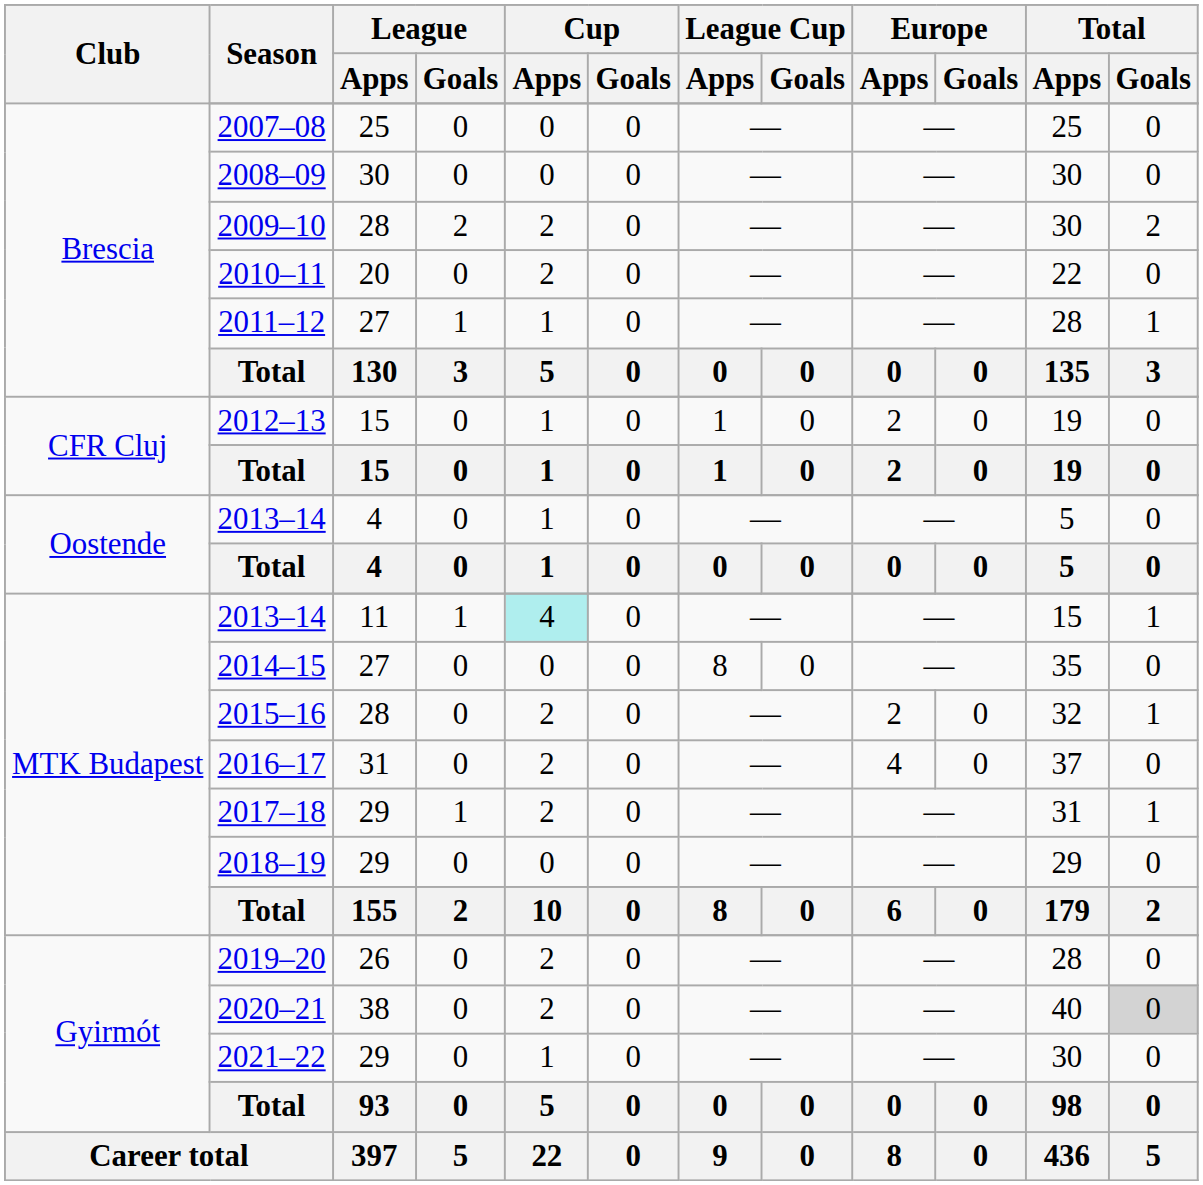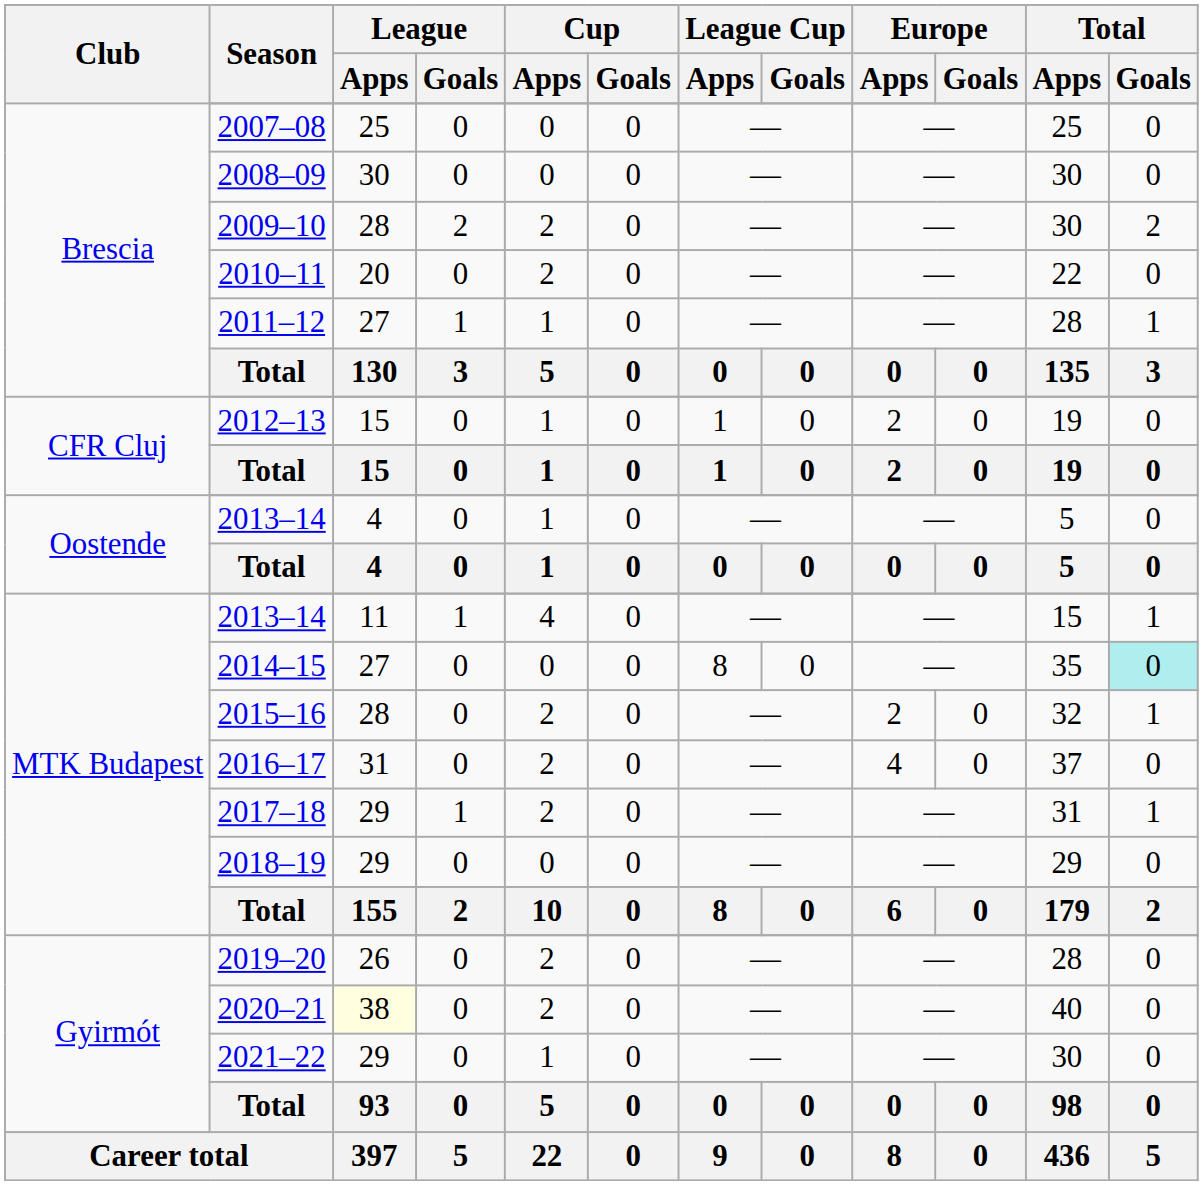 <table class="wikitable" style="text-align: center;">
 <tr>
 <th rowspan="2">Club</th>
 <th rowspan="2">Season</th>
 <th colspan="2">League</th>
 <th colspan="2">Cup</th>
 <th colspan="2">League Cup</th>
 <th colspan="2">Europe</th>
 <th colspan="2">Total</th>
 </tr>
 <tr>
 <th>Apps</th>
 <th>Goals</th>
 <th>Apps</th>
 <th>Goals</th>
 <th>Apps</th>
 <th>Goals</th>
 <th>Apps</th>
 <th>Goals</th>
 <th>Apps</th>
 <th>Goals</th>
 </tr>
 <tr>
 <td rowspan="7"><a href='#'>Brescia</a></td>
 </tr>
 <tr>
 <td><a href='#'>2007–08</a></td>
 <td>25</td>
 <td>0</td>
 <td>0</td>
 <td>0</td>
 <td colspan="2">—</td>
 <td colspan="2">—</td>
 <td>25</td>
 <td>0</td>
 </tr>
 <tr>
 <td><a href='#'>2008–09</a></td>
 <td>30</td>
 <td>0</td>
 <td>0</td>
 <td>0</td>
 <td colspan="2">—</td>
 <td colspan="2">—</td>
 <td>30</td>
 <td>0</td>
 </tr>
 <tr>
 <td><a href='#'>2009–10</a></td>
 <td>28</td>
 <td>2</td>
 <td>2</td>
 <td>0</td>
 <td colspan="2">—</td>
 <td colspan="2">—</td>
 <td>30</td>
 <td>2</td>
 </tr>
 <tr>
 <td><a href='#'>2010–11</a></td>
 <td>20</td>
 <td>0</td>
 <td>2</td>
 <td>0</td>
 <td colspan="2">—</td>
 <td colspan="2">—</td>
 <td>22</td>
 <td>0</td>
 </tr>
 <tr>
 <td><a href='#'>2011–12</a></td>
 <td>27</td>
 <td>1</td>
 <td>1</td>
 <td>0</td>
 <td colspan="2">—</td>
 <td colspan="2">—</td>
 <td>28</td>
 <td>1</td>
 </tr>
 <tr>
 <th>Total</th>
 <th>130</th>
 <th>3</th>
 <th>5</th>
 <th>0</th>
 <th>0</th>
 <th>0</th>
 <th>0</th>
 <th>0</th>
 <th>135</th>
 <th>3</th>
 </tr>
 <tr>
 <td rowspan="3"><a href='#'>CFR Cluj</a></td>
 </tr>
 <tr>
 <td><a href='#'>2012–13</a></td>
 <td>15</td>
 <td>0</td>
 <td>1</td>
 <td>0</td>
 <td>1</td>
 <td>0</td>
 <td>2</td>
 <td>0</td>
 <td>19</td>
 <td>0</td>
 </tr>
 <tr>
 <th>Total</th>
 <th>15</th>
 <th>0</th>
 <th>1</th>
 <th>0</th>
 <th>1</th>
 <th>0</th>
 <th>2</th>
 <th>0</th>
 <th>19</th>
 <th>0</th>
 </tr>
 <tr>
 <td rowspan="3"><a href='#'>Oostende</a></td>
 </tr>
 <tr>
 <td><a href='#'>2013–14</a></td>
 <td>4</td>
 <td>0</td>
 <td>1</td>
 <td>0</td>
 <td colspan="2">—</td>
 <td colspan="2">—</td>
 <td>5</td>
 <td>0</td>
 </tr>
 <tr>
 <th>Total</th>
 <th>4</th>
 <th>0</th>
 <th>1</th>
 <th>0</th>
 <th>0</th>
 <th>0</th>
 <th>0</th>
 <th>0</th>
 <th>5</th>
 <th>0</th>
 </tr>
 <tr>
 <td rowspan="8"><a href='#'>MTK Budapest</a></td>
 </tr>
 <tr>
 <td><a href='#'>2013–14</a></td>
 <td>11</td>
 <td>1</td>
-<td style="background: paleturquoise;">4</td>
+<td>4</td>
 <td>0</td>
 <td colspan="2">—</td>
 <td colspan="2">—</td>
 <td>15</td>
 <td>1</td>
 </tr>
 <tr>
 <td><a href='#'>2014–15</a></td>
 <td>27</td>
 <td>0</td>
 <td>0</td>
 <td>0</td>
 <td>8</td>
 <td>0</td>
 <td colspan="2">—</td>
 <td>35</td>
-<td>0</td>
+<td style="background: paleturquoise;">0</td>
 </tr>
 <tr>
 <td><a href='#'>2015–16</a></td>
 <td>28</td>
 <td>0</td>
 <td>2</td>
 <td>0</td>
 <td colspan="2">—</td>
 <td>2</td>
 <td>0</td>
 <td>32</td>
 <td>1</td>
 </tr>
 <tr>
 <td><a href='#'>2016–17</a></td>
 <td>31</td>
 <td>0</td>
 <td>2</td>
 <td>0</td>
 <td colspan="2">—</td>
 <td>4</td>
 <td>0</td>
 <td>37</td>
 <td>0</td>
 </tr>
 <tr>
 <td><a href='#'>2017–18</a></td>
 <td>29</td>
 <td>1</td>
 <td>2</td>
 <td>0</td>
 <td colspan="2">—</td>
 <td colspan="2">—</td>
 <td>31</td>
 <td>1</td>
 </tr>
 <tr>
 <td><a href='#'>2018–19</a></td>
 <td>29</td>
 <td>0</td>
 <td>0</td>
 <td>0</td>
 <td colspan="2">—</td>
 <td colspan="2">—</td>
 <td>29</td>
 <td>0</td>
 </tr>
 <tr>
 <th>Total</th>
 <th>155</th>
 <th>2</th>
 <th>10</th>
 <th>0</th>
 <th>8</th>
 <th>0</th>
 <th>6</th>
 <th>0</th>
 <th>179</th>
 <th>2</th>
 </tr>
 <tr>
 <td rowspan="5"><a href='#'>Gyirmót</a></td>
 </tr>
 <tr>
 <td><a href='#'>2019–20</a></td>
 <td>26</td>
 <td>0</td>
 <td>2</td>
 <td>0</td>
 <td colspan="2">—</td>
 <td colspan="2">—</td>
 <td>28</td>
 <td>0</td>
 </tr>
 <tr>
 <td><a href='#'>2020–21</a></td>
-<td>38</td>
+<td style="background: lightyellow;">38</td>
 <td>0</td>
 <td>2</td>
 <td>0</td>
 <td colspan="2">—</td>
 <td colspan="2">—</td>
 <td>40</td>
-<td style="background: lightgrey;">0</td>
+<td>0</td>
 </tr>
 <tr>
 <td><a href='#'>2021–22</a></td>
 <td>29</td>
 <td>0</td>
 <td>1</td>
 <td>0</td>
 <td colspan="2">—</td>
 <td colspan="2">—</td>
 <td>30</td>
 <td>0</td>
 </tr>
 <tr>
 <th>Total</th>
 <th>93</th>
 <th>0</th>
 <th>5</th>
 <th>0</th>
 <th>0</th>
 <th>0</th>
 <th>0</th>
 <th>0</th>
 <th>98</th>
 <th>0</th>
 </tr>
 <tr>
 <th colspan="2">Career total</th>
 <th>397</th>
 <th>5</th>
 <th>22</th>
 <th>0</th>
 <th>9</th>
 <th>0</th>
 <th>8</th>
 <th>0</th>
 <th>436</th>
 <th>5</th>
 </tr>
 </table>
